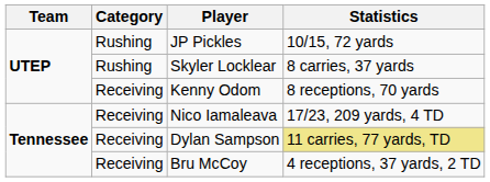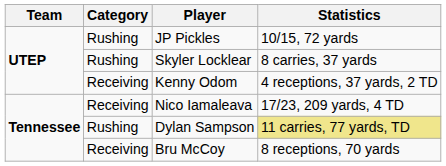 <table class="wikitable" style="float: right;">
 <tr>
 <th>Team</th>
 <th>Category</th>
 <th>Player</th>
 <th>Statistics</th>
 </tr>
 <tr>
 <td rowspan=3><strong>UTEP</strong></td>
 <td>Rushing</td>
 <td>JP Pickles</td>
 <td>10/15, 72 yards</td>
 </tr>
 <tr>
 <td>Rushing</td>
 <td>Skyler Locklear</td>
 <td>8 carries, 37 yards</td>
 </tr>
 <tr>
 <td>Receiving</td>
 <td>Kenny Odom</td>
-<td>8 receptions, 70 yards</td>
+<td>4 receptions, 37 yards, 2 TD</td>
 </tr>
 <tr>
 <td rowspan=3><strong>Tennessee</strong></td>
 <td>Receiving</td>
 <td>Nico Iamaleava</td>
 <td>17/23, 209 yards, 4 TD</td>
 </tr>
 <tr>
-<td>Receiving</td>
+<td>Rushing</td>
 <td>Dylan Sampson</td>
 <td style="background: khaki;">11 carries, 77 yards, TD</td>
 </tr>
 <tr>
 <td>Receiving</td>
 <td>Bru McCoy</td>
-<td>4 receptions, 37 yards, 2 TD</td>
+<td>8 receptions, 70 yards</td>
 </tr>
 </table>
